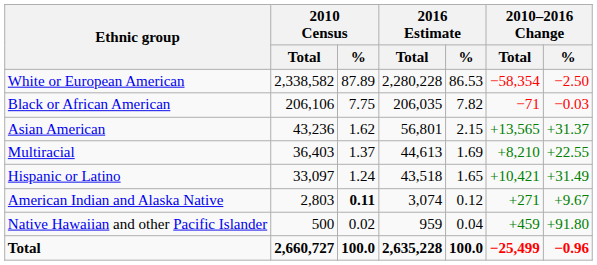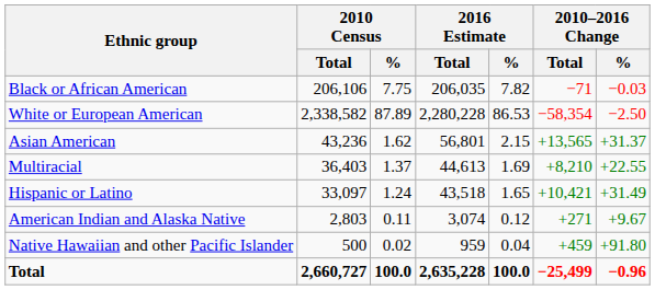 <table class="wikitable" style="text-align:right; margin: auto; margin-top: 40px; margin-bottom: 40px;">
 <tr>
 <th rowspan="2">Ethnic group</th>
 <th colspan="2">2010<br>Census</th>
 <th colspan="2">2016<br>Estimate</th>
 <th colspan="2">2010–2016<br>Change</th>
 </tr>
 <tr>
 <th>Total</th>
 <th>%</th>
 <th>Total</th>
 <th>%</th>
 <th>Total</th>
 <th>%</th>
 </tr>
 <tr>
+<td style="text-align:left;"><a href='#'>Black or African American</a></td>
+<td>206,106</td>
+<td>7.75</td>
+<td>206,035</td>
+<td>7.82</td>
+<td style="color:red;">−71</td>
+<td style="color:red;">−0.03</td>
+</tr>
+<tr>
 <td style="text-align:left;"><a href='#'>White or European American</a></td>
 <td>2,338,582</td>
 <td>87.89</td>
 <td>2,280,228</td>
 <td>86.53</td>
 <td style="color:red;">−58,354</td>
 <td style="color:red;">−2.50</td>
-</tr>
-<tr>
-<td style="text-align:left;"><a href='#'>Black or African American</a></td>
-<td>206,106</td>
-<td>7.75</td>
-<td>206,035</td>
-<td>7.82</td>
-<td style="color:red;">−71</td>
-<td style="color:red;">−0.03</td>
 </tr>
 <tr>
 <td style="text-align:left;"><a href='#'>Asian American</a></td>
 <td>43,236</td>
 <td>1.62</td>
 <td>56,801</td>
 <td>2.15</td>
 <td style="color:green;">+13,565</td>
 <td style="color:green;">+31.37</td>
 </tr>
 <tr>
 <td style="text-align:left;"><a href='#'>Multiracial</a></td>
 <td>36,403</td>
 <td>1.37</td>
 <td>44,613</td>
 <td>1.69</td>
 <td style="color:green;">+8,210</td>
 <td style="color:green;">+22.55</td>
 </tr>
 <tr>
 <td style="text-align:left;"><a href='#'>Hispanic or Latino</a></td>
 <td>33,097</td>
 <td>1.24</td>
 <td>43,518</td>
 <td>1.65</td>
 <td style="color:green;">+10,421</td>
 <td style="color:green;">+31.49</td>
 </tr>
 <tr>
 <td style="text-align:left;"><a href='#'>American Indian and Alaska Native</a></td>
 <td>2,803</td>
-<td><strong>0.11</strong></td>
+<td>0.11</td>
 <td>3,074</td>
 <td>0.12</td>
 <td style="color:green;">+271</td>
 <td style="color:green;">+9.67</td>
 </tr>
 <tr>
 <td style="text-align:left;"><a href='#'>Native Hawaiian</a> and other <a href='#'>Pacific Islander</a></td>
 <td>500</td>
 <td>0.02</td>
 <td>959</td>
 <td>0.04</td>
 <td style="color:green;">+459</td>
 <td style="color:green;">+91.80</td>
 </tr>
 <tr>
 <td style="text-align:left;"><strong>Total</strong></td>
 <td><strong>2,660,727</strong></td>
 <td><strong>100.0</strong></td>
 <td><strong>2,635,228</strong></td>
 <td><strong>100.0</strong></td>
 <td style="color:red;"><strong>−25,499</strong></td>
 <td style="color:red;"><strong>−0.96</strong></td>
 </tr>
 </table>
